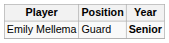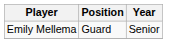 <table class="wikitable">
 <tr align=center>
 <th style= >Player</th>
 <th style= >Position</th>
 <th style= >Year</th>
 </tr>
 <tr>
 <td>Emily Mellema</td>
 <td>Guard</td>
-<td><strong>Senior</strong></td>
+<td>Senior</td>
 </tr>
 <tr>
 </tr>
 </table>
